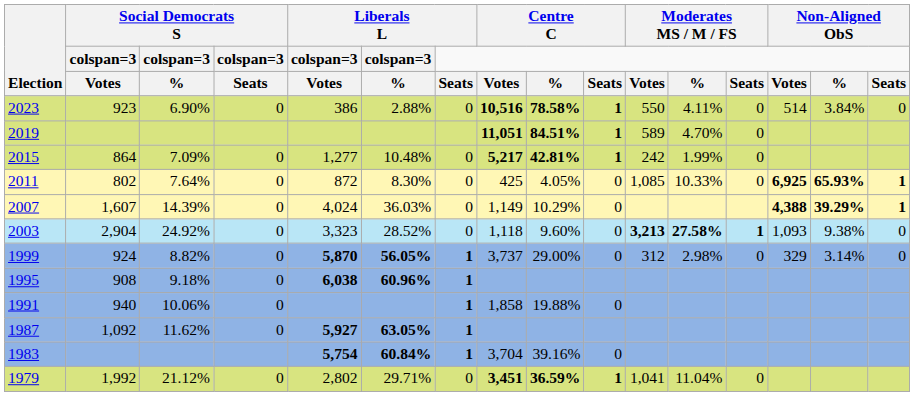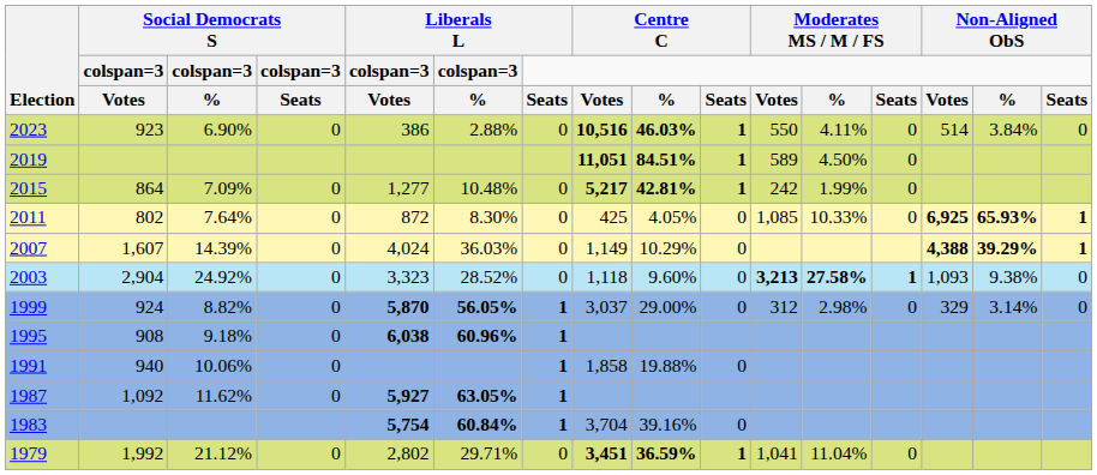 <table class="wikitable" border="1" style="font-size:100%; text-align:right;">
 <tr>
 <th style="text-align:left;" valign=bottom rowspan=3>Election</th>
 <th valign=bottom colspan=3><a href='#'>Social Democrats</a><br>S</th>
 <th valign=bottom colspan=3><a href='#'>Liberals</a><br>L</th>
 <th valign=bottom colspan=3><a href='#'>Centre</a><br>C</th>
 <th valign=bottom colspan=3><a href='#'>Moderates</a><br>MS / M / FS</th>
 <th valign=bottom colspan=3><a href='#'>Non-Aligned</a><br>ObS</th>
 </tr>
 <tr>
 <th>colspan=3 </th>
 <th>colspan=3 </th>
 <th>colspan=3 </th>
 <th>colspan=3 </th>
 <th>colspan=3 </th>
 </tr>
 <tr>
 <th>Votes</th>
 <th>%</th>
 <th>Seats</th>
 <th>Votes</th>
 <th>%</th>
 <th>Seats</th>
 <th>Votes</th>
 <th>%</th>
 <th>Seats</th>
 <th>Votes</th>
 <th>%</th>
 <th>Seats</th>
 <th>Votes</th>
 <th>%</th>
 <th>Seats</th>
 </tr>
 <tr style="background:#D8E480">
 <td align=left><a href='#'>2023</a></td>
 <td>923</td>
 <td>6.90%</td>
 <td>0</td>
 <td>386</td>
 <td>2.88%</td>
 <td>0</td>
 <td><strong>10,516</strong></td>
-<td><strong>78.58%</strong></td>
+<td><strong>46.03%</strong></td>
 <td><strong>1</strong></td>
 <td>550</td>
 <td>4.11%</td>
 <td>0</td>
 <td>514</td>
 <td>3.84%</td>
 <td>0</td>
 </tr>
 <tr style="background:#D8E480">
 <td align=left><a href='#'>2019</a></td>
 <td></td>
 <td></td>
 <td></td>
 <td></td>
 <td></td>
 <td></td>
 <td><strong>11,051</strong></td>
 <td><strong>84.51%</strong></td>
 <td><strong>1</strong></td>
 <td>589</td>
-<td>4.70%</td>
+<td>4.50%</td>
 <td>0</td>
 <td></td>
 <td></td>
 <td></td>
 </tr>
 <tr style="background:#D8E480">
 <td align=left><a href='#'>2015</a></td>
 <td>864</td>
 <td>7.09%</td>
 <td>0</td>
 <td>1,277</td>
 <td>10.48%</td>
 <td>0</td>
 <td><strong>5,217</strong></td>
 <td><strong>42.81%</strong></td>
 <td><strong>1</strong></td>
 <td>242</td>
 <td>1.99%</td>
 <td>0</td>
 <td></td>
 <td></td>
 <td></td>
 </tr>
 <tr style="background:#FFF7B5">
 <td align=left><a href='#'>2011</a></td>
 <td>802</td>
 <td>7.64%</td>
 <td>0</td>
 <td>872</td>
 <td>8.30%</td>
 <td>0</td>
 <td>425</td>
 <td>4.05%</td>
 <td>0</td>
 <td>1,085</td>
 <td>10.33%</td>
 <td>0</td>
 <td><strong>6,925</strong></td>
 <td><strong>65.93%</strong></td>
 <td><strong>1</strong></td>
 </tr>
 <tr style="background:#FFF7B5">
 <td align=left><a href='#'>2007</a></td>
 <td>1,607</td>
 <td>14.39%</td>
 <td>0</td>
 <td>4,024</td>
 <td>36.03%</td>
 <td>0</td>
 <td>1,149</td>
 <td>10.29%</td>
 <td>0</td>
 <td></td>
 <td></td>
 <td></td>
 <td><strong>4,388</strong></td>
 <td><strong>39.29%</strong></td>
 <td><strong>1</strong></td>
 </tr>
 <tr style="background:#B9E6F6">
 <td align=left><a href='#'>2003</a></td>
 <td>2,904</td>
 <td>24.92%</td>
 <td>0</td>
 <td>3,323</td>
 <td>28.52%</td>
 <td>0</td>
 <td>1,118</td>
 <td>9.60%</td>
 <td>0</td>
 <td><strong>3,213</strong></td>
 <td><strong>27.58%</strong></td>
 <td><strong>1</strong></td>
 <td>1,093</td>
 <td>9.38%</td>
 <td>0</td>
 </tr>
 <tr style="background:#8FB3E5">
 <td align=left><a href='#'>1999</a></td>
 <td>924</td>
 <td>8.82%</td>
 <td>0</td>
 <td><strong>5,870</strong></td>
 <td><strong>56.05%</strong></td>
 <td><strong>1</strong></td>
-<td>3,737</td>
+<td>3,037</td>
 <td>29.00%</td>
 <td>0</td>
 <td>312</td>
 <td>2.98%</td>
 <td>0</td>
 <td>329</td>
 <td>3.14%</td>
 <td>0</td>
 </tr>
 <tr style="background:#8FB3E5">
 <td align=left><a href='#'>1995</a></td>
 <td>908</td>
 <td>9.18%</td>
 <td>0</td>
 <td><strong>6,038</strong></td>
 <td><strong>60.96%</strong></td>
 <td><strong>1</strong></td>
 <td></td>
 <td></td>
 <td></td>
 <td></td>
 <td></td>
 <td></td>
 <td></td>
 <td></td>
 <td></td>
 </tr>
 <tr style="background:#8FB3E5">
 <td align=left><a href='#'>1991</a></td>
 <td>940</td>
 <td>10.06%</td>
 <td>0</td>
 <td></td>
 <td></td>
 <td><strong>1</strong></td>
 <td>1,858</td>
 <td>19.88%</td>
 <td>0</td>
 <td></td>
 <td></td>
 <td></td>
 <td></td>
 <td></td>
 <td></td>
 </tr>
 <tr style="background:#8FB3E5">
 <td align=left><a href='#'>1987</a></td>
 <td>1,092</td>
 <td>11.62%</td>
 <td>0</td>
 <td><strong>5,927</strong></td>
 <td><strong>63.05%</strong></td>
 <td><strong>1</strong></td>
 <td></td>
 <td></td>
 <td></td>
 <td></td>
 <td></td>
 <td></td>
 <td></td>
 <td></td>
 <td></td>
 </tr>
 <tr style="background:#8FB3E5">
 <td align=left><a href='#'>1983</a></td>
 <td></td>
 <td></td>
 <td></td>
 <td><strong>5,754</strong></td>
 <td><strong>60.84%</strong></td>
 <td><strong>1</strong></td>
 <td>3,704</td>
 <td>39.16%</td>
 <td>0</td>
 <td></td>
 <td></td>
 <td></td>
 <td></td>
 <td></td>
 <td></td>
 </tr>
 <tr style="background:#D8E480">
 <td align=left><a href='#'>1979</a></td>
 <td>1,992</td>
 <td>21.12%</td>
 <td>0</td>
 <td>2,802</td>
 <td>29.71%</td>
 <td>0</td>
 <td><strong>3,451</strong></td>
 <td><strong>36.59%</strong></td>
 <td><strong>1</strong></td>
 <td>1,041</td>
 <td>11.04%</td>
 <td>0</td>
 <td></td>
 <td></td>
 <td></td>
 </tr>
 </table>
